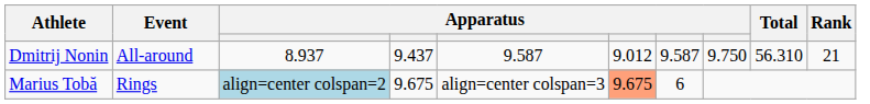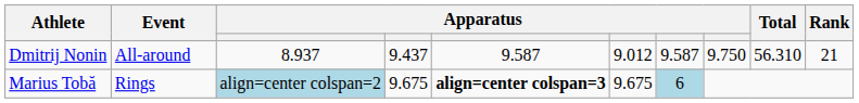 <table class="wikitable" style="font-size:90%">
 <tr>
 <th rowspan=2>Athlete</th>
 <th rowspan=2>Event</th>
 <th colspan =6>Apparatus</th>
 <th rowspan=2>Total</th>
 <th rowspan=2>Rank</th>
 </tr>
 <tr style="font-size:95%">
 <th></th>
 <th></th>
 <th></th>
 <th></th>
 <th></th>
 <th></th>
 </tr>
 <tr>
 <td align=left><a href='#'>Dmitrij Nonin</a></td>
 <td align=left><a href='#'>All-around</a>     </td>
 <td align=center>8.937</td>
 <td align=center>9.437</td>
 <td align=center>9.587</td>
 <td align=center>9.012</td>
 <td align=center>9.587</td>
 <td align=center>9.750</td>
 <td align=center>56.310</td>
 <td align=center>21</td>
 </tr>
 <tr>
 <td align=left><a href='#'>Marius Tobă</a></td>
 <td align=left><a href='#'>Rings</a></td>
 <td style="background: lightblue;">align=center colspan=2 </td>
 <td align=center>9.675</td>
-<td>align=center colspan=3 </td>
-<td align=center style="background: lightsalmon;">9.675</td>
-<td align=center>6</td>
+<td><strong>align=center colspan=3 </strong></td>
+<td align=center>9.675</td>
+<td align=center style="background: lightblue;">6</td>
 </tr>
 </table>
